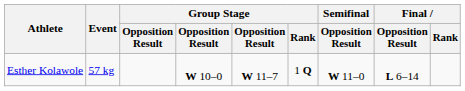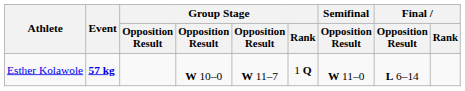 <table class=wikitable style=font-size:90%;text-align:center>
 <tr>
 <th rowspan=2>Athlete</th>
 <th rowspan=2>Event</th>
 <th colspan=4>Group Stage</th>
 <th>Semifinal</th>
 <th colspan=2>Final / </th>
 </tr>
 <tr style=font-size:95%>
 <th>Opposition<br>Result</th>
 <th>Opposition<br>Result</th>
 <th>Opposition<br>Result</th>
 <th>Rank</th>
 <th>Opposition<br>Result</th>
 <th>Opposition<br>Result</th>
 <th>Rank</th>
 </tr>
 <tr>
 <td align=left><a href='#'>Esther Kolawole</a></td>
-<td align=left><a href='#'>57 kg</a></td>
+<td align=left><strong><a href='#'>57 kg</a></strong></td>
 <td></td>
 <td><br><strong>W</strong> 10–0</td>
 <td><br><strong>W</strong> 11–7</td>
 <td>1 <strong>Q</strong></td>
 <td><br><strong>W</strong> 11–0</td>
 <td><br><strong>L</strong> 6–14</td>
 <td></td>
 </tr>
 </table>
